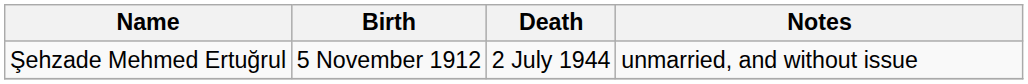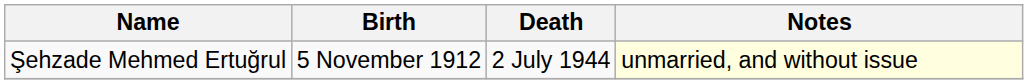 <table class="wikitable">
 <tr>
 <th>Name</th>
 <th>Birth</th>
 <th>Death</th>
 <th style="width:40%;">Notes</th>
 </tr>
 <tr>
 <td>Şehzade Mehmed Ertuğrul</td>
 <td>5 November 1912</td>
 <td>2 July 1944</td>
-<td>unmarried, and without issue</td>
+<td style="background: lightyellow;">unmarried, and without issue</td>
 </tr>
 <tr>
 </tr>
 </table>
